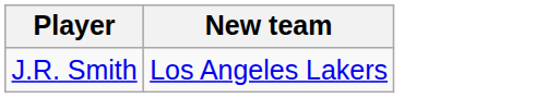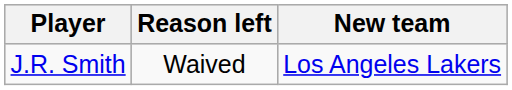 <table class="wikitable sortable sortable" style="text-align: center">
 <tr>
 <th>Player</th>
+<th>Reason left</th>
 <th>New team</th>
 </tr>
 <tr style="text-align: center">
 <td><a href='#'>J.R. Smith</a></td>
+<td>Waived</td>
 <td><a href='#'>Los Angeles Lakers</a></td>
 </tr>
 </table>
